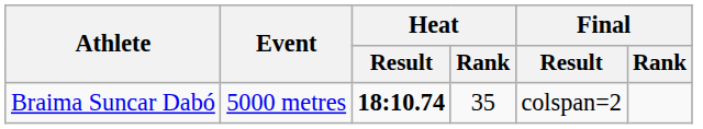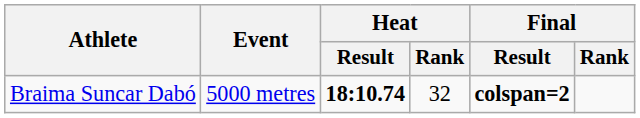 <table class="wikitable" style="font-size:90%">
 <tr>
 <th rowspan="2">Athlete</th>
 <th rowspan="2">Event</th>
 <th colspan="2">Heat</th>
 <th colspan="2">Final</th>
 </tr>
 <tr style="font-size:95%">
 <th>Result</th>
 <th>Rank</th>
 <th>Result</th>
 <th>Rank</th>
 </tr>
 <tr style=text-align:center>
 <td style=text-align:left><a href='#'>Braima Suncar Dabó</a></td>
 <td style=text-align:left><a href='#'>5000 metres</a></td>
 <td><strong>18:10.74 </strong></td>
-<td>35</td>
-<td>colspan=2</td>
+<td>32</td>
+<td><strong>colspan=2</strong></td>
 </tr>
 </table>
